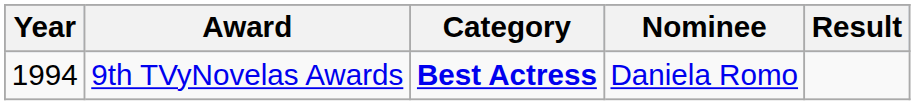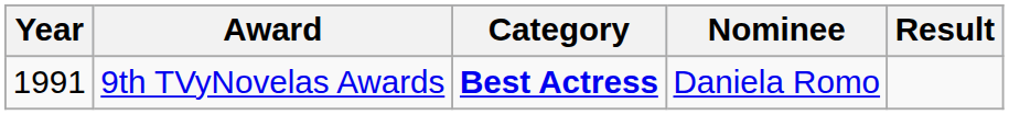 <table class="wikitable">
 <tr style="background:#b0c4de;">
 <th>Year</th>
 <th>Award</th>
 <th>Category</th>
 <th>Nominee</th>
 <th>Result</th>
 </tr>
 <tr>
-<td>1994</td>
+<td>1991</td>
 <td><a href='#'>9th TVyNovelas Awards</a></td>
 <td><strong><a href='#'>Best Actress</a></strong></td>
 <td><a href='#'>Daniela Romo</a></td>
 <td></td>
 </tr>
 </table>
